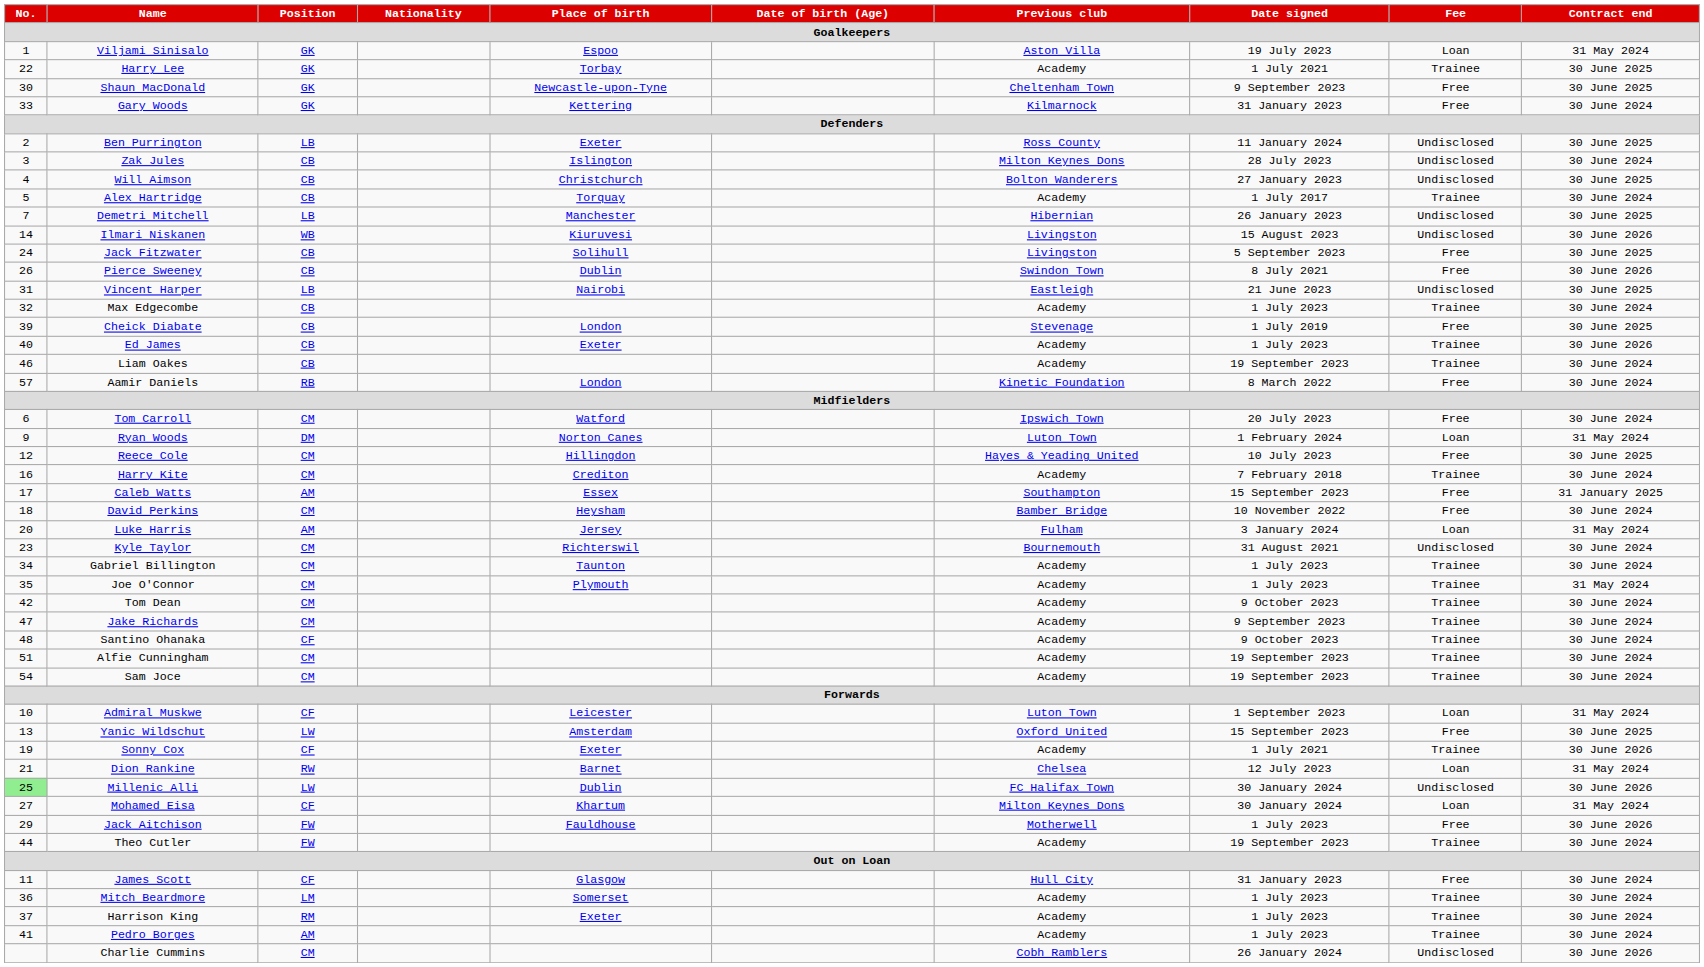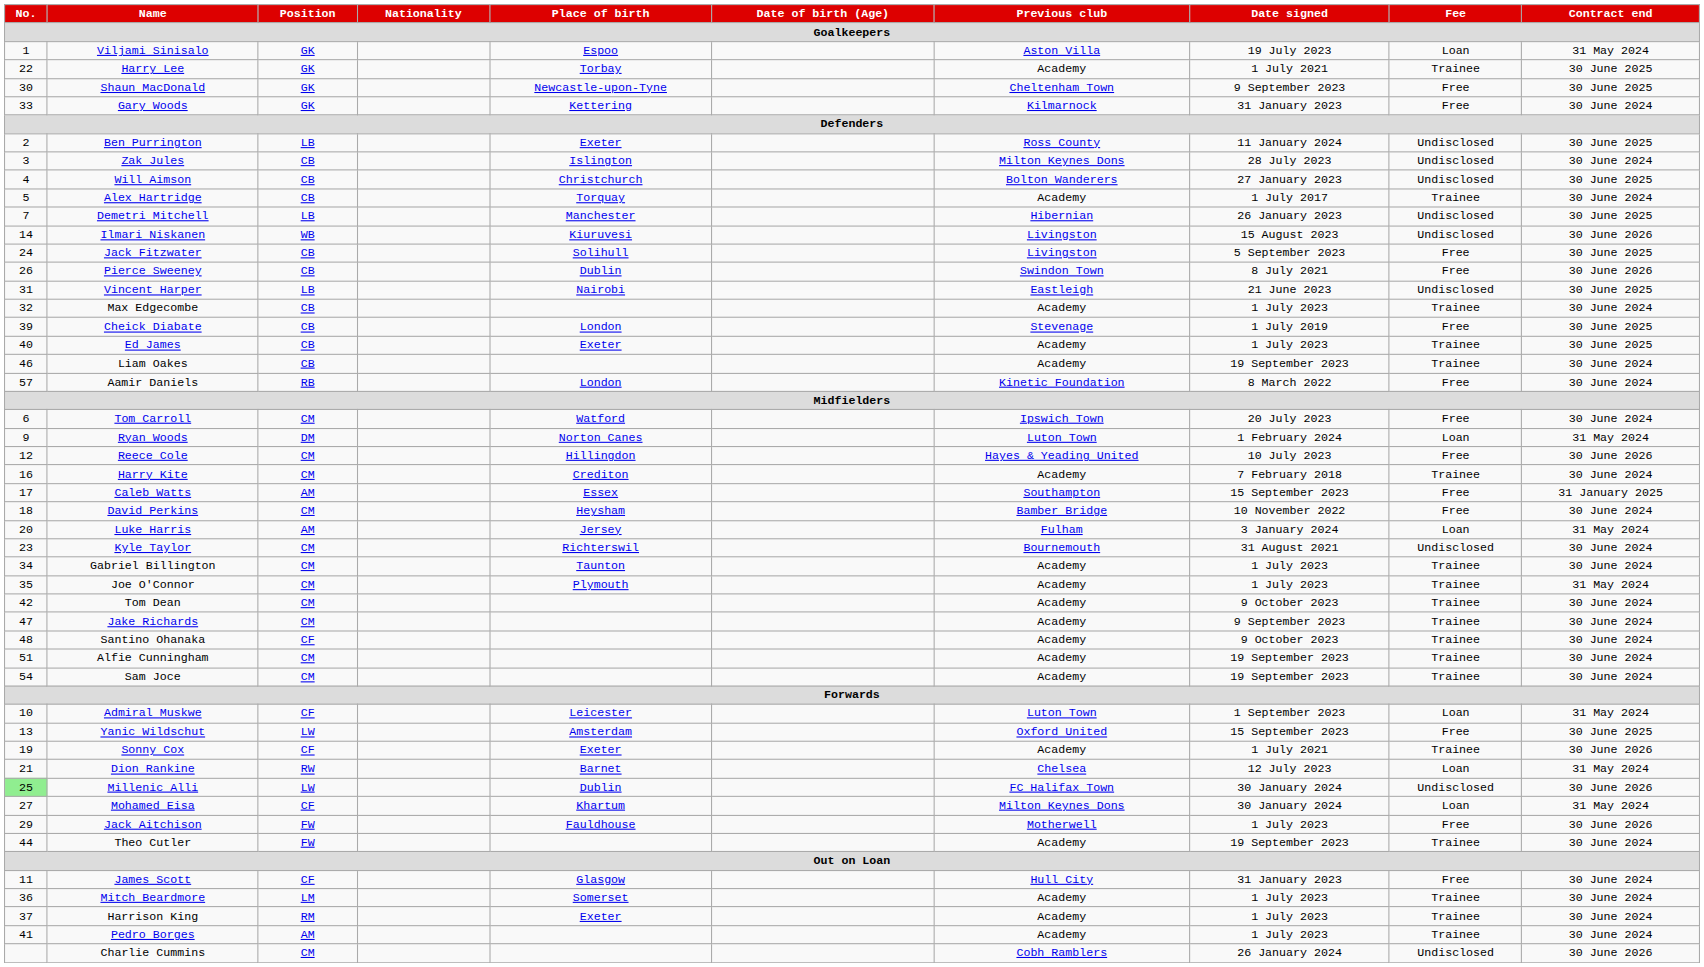 <table class="wikitable" style="text-align:center; font-size:84.5%; width:101%;">
 <tr>
 <th style="color:white; background:#d00; text-align:center;">No.</th>
 <th style="color:white; background:#d00; text-align:center;">Name</th>
 <th style="color:white; background:#d00; text-align:center;">Position</th>
 <th style="color:white; background:#d00; text-align:center;">Nationality</th>
 <th style="color:white; background:#d00; text-align:center;">Place of birth</th>
 <th style="color:white; background:#d00; text-align:center;">Date of birth (Age)</th>
 <th style="color:white; background:#d00; text-align:center;">Previous club</th>
 <th style="color:white; background:#d00; text-align:center;">Date signed</th>
 <th style="color:white; background:#d00; text-align:center;">Fee</th>
 <th style="color:white; background:#d00; text-align:center;">Contract end</th>
 </tr>
 <tr>
 <th colspan="14" style="background:#dcdcdc; tepxt-align:center;">Goalkeepers</th>
 </tr>
 <tr>
 <td>1</td>
 <td><a href='#'>Viljami Sinisalo</a></td>
 <td><a href='#'>GK</a></td>
 <td></td>
 <td><a href='#'>Espoo</a></td>
 <td></td>
 <td><a href='#'>Aston Villa</a></td>
 <td>19 July 2023</td>
 <td>Loan</td>
 <td>31 May 2024</td>
 </tr>
 <tr>
 <td>22</td>
 <td><a href='#'>Harry Lee</a></td>
 <td><a href='#'>GK</a></td>
 <td></td>
 <td><a href='#'>Torbay</a></td>
 <td></td>
 <td>Academy</td>
 <td>1 July 2021</td>
 <td>Trainee</td>
 <td>30 June 2025</td>
 </tr>
 <tr>
 <td>30</td>
 <td><a href='#'>Shaun MacDonald</a></td>
 <td><a href='#'>GK</a></td>
 <td></td>
 <td><a href='#'>Newcastle-upon-Tyne</a></td>
 <td></td>
 <td><a href='#'>Cheltenham Town</a></td>
 <td>9 September 2023</td>
 <td>Free</td>
 <td>30 June 2025</td>
 </tr>
 <tr>
 <td>33</td>
 <td><a href='#'>Gary Woods</a></td>
 <td><a href='#'>GK</a></td>
 <td></td>
 <td><a href='#'>Kettering</a></td>
 <td></td>
 <td> <a href='#'>Kilmarnock</a></td>
 <td>31 January 2023</td>
 <td>Free</td>
 <td>30 June 2024</td>
 </tr>
 <tr>
 <th colspan="14" style="background:#dcdcdc; tepxt-align:center;">Defenders</th>
 </tr>
 <tr>
 <td>2</td>
 <td><a href='#'>Ben Purrington</a></td>
 <td><a href='#'>LB</a></td>
 <td></td>
 <td><a href='#'>Exeter</a></td>
 <td></td>
 <td> <a href='#'>Ross County</a></td>
 <td>11 January 2024</td>
 <td>Undisclosed</td>
 <td>30 June 2025</td>
 </tr>
 <tr>
 <td>3</td>
 <td><a href='#'>Zak Jules</a></td>
 <td><a href='#'>CB</a></td>
 <td></td>
 <td> <a href='#'>Islington</a></td>
 <td></td>
 <td><a href='#'>Milton Keynes Dons</a></td>
 <td>28 July 2023</td>
 <td>Undisclosed</td>
 <td>30 June 2024</td>
 </tr>
 <tr>
 <td>4</td>
 <td><a href='#'>Will Aimson</a></td>
 <td><a href='#'>CB</a></td>
 <td></td>
 <td><a href='#'>Christchurch</a></td>
 <td></td>
 <td><a href='#'>Bolton Wanderers</a></td>
 <td>27 January 2023</td>
 <td>Undisclosed</td>
 <td>30 June 2025</td>
 </tr>
 <tr>
 <td>5</td>
 <td><a href='#'>Alex Hartridge</a></td>
 <td><a href='#'>CB</a></td>
 <td></td>
 <td><a href='#'>Torquay</a></td>
 <td></td>
 <td>Academy</td>
 <td>1 July 2017</td>
 <td>Trainee</td>
 <td>30 June 2024</td>
 </tr>
 <tr>
 <td>7</td>
 <td><a href='#'>Demetri Mitchell</a></td>
 <td><a href='#'>LB</a></td>
 <td></td>
 <td><a href='#'>Manchester</a></td>
 <td></td>
 <td> <a href='#'>Hibernian</a></td>
 <td>26 January 2023</td>
 <td>Undisclosed</td>
 <td>30 June 2025</td>
 </tr>
 <tr>
 <td>14</td>
 <td><a href='#'>Ilmari Niskanen</a></td>
 <td><a href='#'>WB</a></td>
 <td></td>
 <td><a href='#'>Kiuruvesi</a></td>
 <td></td>
 <td> <a href='#'>Livingston</a></td>
 <td>15 August 2023</td>
 <td>Undisclosed</td>
 <td>30 June 2026</td>
 </tr>
 <tr>
 <td>24</td>
 <td><a href='#'>Jack Fitzwater</a></td>
 <td><a href='#'>CB</a></td>
 <td></td>
 <td><a href='#'>Solihull</a></td>
 <td></td>
 <td> <a href='#'>Livingston</a></td>
 <td>5 September 2023</td>
 <td>Free</td>
 <td>30 June 2025</td>
 </tr>
 <tr>
 <td>26</td>
 <td><a href='#'>Pierce Sweeney</a></td>
 <td><a href='#'>CB</a></td>
 <td></td>
 <td><a href='#'>Dublin</a></td>
 <td></td>
 <td><a href='#'>Swindon Town</a></td>
 <td>8 July 2021</td>
 <td>Free</td>
 <td>30 June 2026</td>
 </tr>
 <tr>
 <td>31</td>
 <td><a href='#'>Vincent Harper</a></td>
 <td><a href='#'>LB</a></td>
 <td></td>
 <td><a href='#'>Nairobi</a></td>
 <td></td>
 <td><a href='#'>Eastleigh</a></td>
 <td>21 June 2023</td>
 <td>Undisclosed</td>
 <td>30 June 2025</td>
 </tr>
 <tr>
 <td>32</td>
 <td>Max Edgecombe</td>
 <td><a href='#'>CB</a></td>
 <td></td>
 <td></td>
 <td></td>
 <td>Academy</td>
 <td>1 July 2023</td>
 <td>Trainee</td>
 <td>30 June 2024</td>
 </tr>
 <tr>
 <td>39</td>
 <td><a href='#'>Cheick Diabate</a></td>
 <td><a href='#'>CB</a></td>
 <td></td>
 <td><a href='#'>London</a></td>
 <td></td>
 <td><a href='#'>Stevenage</a></td>
 <td>1 July 2019</td>
 <td>Free</td>
 <td>30 June 2025</td>
 </tr>
 <tr>
 <td>40</td>
 <td><a href='#'>Ed James</a></td>
 <td><a href='#'>CB</a></td>
 <td></td>
 <td> <a href='#'>Exeter</a></td>
 <td></td>
 <td>Academy</td>
 <td>1 July 2023</td>
 <td>Trainee</td>
-<td>30 June 2026</td>
+<td>30 June 2025</td>
 </tr>
 <tr>
 <td>46</td>
 <td>Liam Oakes</td>
 <td><a href='#'>CB</a></td>
 <td></td>
 <td></td>
 <td></td>
 <td>Academy</td>
 <td>19 September 2023</td>
 <td>Trainee</td>
 <td>30 June 2024</td>
 </tr>
 <tr>
 <td>57</td>
 <td>Aamir Daniels</td>
 <td><a href='#'>RB</a></td>
 <td></td>
 <td> <a href='#'>London</a></td>
 <td></td>
 <td><a href='#'>Kinetic Foundation</a></td>
 <td>8 March 2022</td>
 <td>Free</td>
 <td>30 June 2024</td>
 </tr>
 <tr>
 <th colspan="14" style="background:#dcdcdc; tepxt-align:center;">Midfielders</th>
 </tr>
 <tr>
 <td>6</td>
 <td><a href='#'>Tom Carroll</a></td>
 <td><a href='#'>CM</a></td>
 <td></td>
 <td><a href='#'>Watford</a></td>
 <td></td>
 <td><a href='#'>Ipswich Town</a></td>
 <td>20 July 2023</td>
 <td>Free</td>
 <td>30 June 2024</td>
 </tr>
 <tr>
 <td>9</td>
 <td><a href='#'>Ryan Woods</a></td>
 <td><a href='#'>DM</a></td>
 <td></td>
 <td><a href='#'>Norton Canes</a></td>
 <td></td>
 <td><a href='#'>Luton Town</a></td>
 <td>1 February 2024</td>
 <td>Loan</td>
 <td>31 May 2024</td>
 </tr>
 <tr>
 <td>12</td>
 <td><a href='#'>Reece Cole</a></td>
 <td><a href='#'>CM</a></td>
 <td></td>
 <td><a href='#'>Hillingdon</a></td>
 <td></td>
 <td><a href='#'>Hayes & Yeading United</a></td>
 <td>10 July 2023</td>
 <td>Free</td>
-<td>30 June 2025</td>
+<td>30 June 2026</td>
 </tr>
 <tr>
 <td>16</td>
 <td><a href='#'>Harry Kite</a></td>
 <td><a href='#'>CM</a></td>
 <td></td>
 <td><a href='#'>Crediton</a></td>
 <td></td>
 <td>Academy</td>
 <td>7 February 2018</td>
 <td>Trainee</td>
 <td>30 June 2024</td>
 </tr>
 <tr>
 <td>17</td>
 <td><a href='#'>Caleb Watts</a></td>
 <td><a href='#'>AM</a></td>
 <td></td>
 <td> <a href='#'>Essex</a></td>
 <td></td>
 <td><a href='#'>Southampton</a></td>
 <td>15 September 2023</td>
 <td>Free</td>
 <td>31 January 2025</td>
 </tr>
 <tr>
 <td>18</td>
 <td><a href='#'>David Perkins</a></td>
 <td><a href='#'>CM</a></td>
 <td></td>
 <td><a href='#'>Heysham</a></td>
 <td></td>
 <td><a href='#'>Bamber Bridge</a></td>
 <td>10 November 2022</td>
 <td>Free</td>
 <td>30 June 2024</td>
 </tr>
 <tr>
 <td>20</td>
 <td><a href='#'>Luke Harris</a></td>
 <td><a href='#'>AM</a></td>
 <td></td>
 <td> <a href='#'>Jersey</a></td>
 <td></td>
 <td><a href='#'>Fulham</a></td>
 <td>3 January 2024</td>
 <td>Loan</td>
 <td>31 May 2024</td>
 </tr>
 <tr>
 <td>23</td>
 <td><a href='#'>Kyle Taylor</a></td>
 <td><a href='#'>CM</a></td>
 <td></td>
 <td><a href='#'>Richterswil</a></td>
 <td></td>
 <td><a href='#'>Bournemouth</a></td>
 <td>31 August 2021</td>
 <td>Undisclosed</td>
 <td>30 June 2024</td>
 </tr>
 <tr>
 <td>34</td>
 <td>Gabriel Billington</td>
 <td><a href='#'>CM</a></td>
 <td></td>
 <td><a href='#'>Taunton</a></td>
 <td></td>
 <td>Academy</td>
 <td>1 July 2023</td>
 <td>Trainee</td>
 <td>30 June 2024</td>
 </tr>
 <tr>
 <td>35</td>
 <td>Joe O'Connor</td>
 <td><a href='#'>CM</a></td>
 <td></td>
 <td><a href='#'>Plymouth</a></td>
 <td></td>
 <td>Academy</td>
 <td>1 July 2023</td>
 <td>Trainee</td>
 <td>31 May 2024</td>
 </tr>
 <tr>
 <td>42</td>
 <td>Tom Dean</td>
 <td><a href='#'>CM</a></td>
 <td></td>
 <td></td>
 <td></td>
 <td>Academy</td>
 <td>9 October 2023</td>
 <td>Trainee</td>
 <td>30 June 2024</td>
 </tr>
 <tr>
 <td>47</td>
 <td><a href='#'>Jake Richards</a></td>
 <td><a href='#'>CM</a></td>
 <td></td>
 <td></td>
 <td></td>
 <td>Academy</td>
 <td>9 September 2023</td>
 <td>Trainee</td>
 <td>30 June 2024</td>
 </tr>
 <tr>
 <td>48</td>
 <td>Santino Ohanaka</td>
 <td><a href='#'>CF</a></td>
 <td></td>
 <td></td>
 <td></td>
 <td>Academy</td>
 <td>9 October 2023</td>
 <td>Trainee</td>
 <td>30 June 2024</td>
 </tr>
 <tr>
 <td>51</td>
 <td>Alfie Cunningham</td>
 <td><a href='#'>CM</a></td>
 <td></td>
 <td></td>
 <td></td>
 <td>Academy</td>
 <td>19 September 2023</td>
 <td>Trainee</td>
 <td>30 June 2024</td>
 </tr>
 <tr>
 <td>54</td>
 <td>Sam Joce</td>
 <td><a href='#'>CM</a></td>
 <td></td>
 <td></td>
 <td></td>
 <td>Academy</td>
 <td>19 September 2023</td>
 <td>Trainee</td>
 <td>30 June 2024</td>
 </tr>
 <tr>
 <th colspan="14" style="background:#dcdcdc; tepxt-align:center;">Forwards</th>
 </tr>
 <tr>
 <td>10</td>
 <td><a href='#'>Admiral Muskwe</a></td>
 <td><a href='#'>CF</a></td>
 <td></td>
 <td> <a href='#'>Leicester</a></td>
 <td></td>
 <td><a href='#'>Luton Town</a></td>
 <td>1 September 2023</td>
 <td>Loan</td>
 <td>31 May 2024</td>
 </tr>
 <tr>
 <td>13</td>
 <td><a href='#'>Yanic Wildschut</a></td>
 <td><a href='#'>LW</a></td>
 <td></td>
 <td> <a href='#'>Amsterdam</a></td>
 <td></td>
 <td><a href='#'>Oxford United</a></td>
 <td>15 September 2023</td>
 <td>Free</td>
 <td>30 June 2025</td>
 </tr>
 <tr>
 <td>19</td>
 <td><a href='#'>Sonny Cox</a></td>
 <td><a href='#'>CF</a></td>
 <td></td>
 <td><a href='#'>Exeter</a></td>
 <td></td>
 <td>Academy</td>
 <td>1 July 2021</td>
 <td>Trainee</td>
 <td>30 June 2026</td>
 </tr>
 <tr>
 <td>21</td>
 <td><a href='#'>Dion Rankine</a></td>
 <td><a href='#'>RW</a></td>
 <td></td>
 <td><a href='#'>Barnet</a></td>
 <td></td>
 <td><a href='#'>Chelsea</a></td>
 <td>12 July 2023</td>
 <td>Loan</td>
 <td>31 May 2024</td>
 </tr>
 <tr>
 <td style="background: lightgreen;">25</td>
 <td><a href='#'>Millenic Alli</a></td>
 <td><a href='#'>LW</a></td>
 <td></td>
 <td><a href='#'>Dublin</a></td>
 <td></td>
 <td><a href='#'>FC Halifax Town</a></td>
 <td>30 January 2024</td>
 <td>Undisclosed</td>
 <td>30 June 2026</td>
 </tr>
 <tr>
 <td>27</td>
 <td><a href='#'>Mohamed Eisa</a></td>
 <td><a href='#'>CF</a></td>
 <td></td>
 <td><a href='#'>Khartum</a></td>
 <td></td>
 <td><a href='#'>Milton Keynes Dons</a></td>
 <td>30 January 2024</td>
 <td>Loan</td>
 <td>31 May 2024</td>
 </tr>
 <tr>
 <td>29</td>
 <td><a href='#'>Jack Aitchison</a></td>
 <td><a href='#'>FW</a></td>
 <td></td>
 <td><a href='#'>Fauldhouse</a></td>
 <td></td>
 <td> <a href='#'>Motherwell</a></td>
 <td>1 July 2023</td>
 <td>Free</td>
 <td>30 June 2026</td>
 </tr>
 <tr>
 <td>44</td>
 <td>Theo Cutler</td>
 <td><a href='#'>FW</a></td>
 <td></td>
 <td></td>
 <td></td>
 <td>Academy</td>
 <td>19 September 2023</td>
 <td>Trainee</td>
 <td>30 June 2024</td>
 </tr>
 <tr>
 <th colspan="14" style="background:#dcdcdc; tepxt-align:center;">Out on Loan</th>
 </tr>
 <tr>
 <td>11</td>
 <td><a href='#'>James Scott</a></td>
 <td><a href='#'>CF</a></td>
 <td></td>
 <td><a href='#'>Glasgow</a></td>
 <td></td>
 <td><a href='#'>Hull City</a></td>
 <td>31 January 2023</td>
 <td>Free</td>
 <td>30 June 2024</td>
 </tr>
 <tr>
 <td>36</td>
 <td><a href='#'>Mitch Beardmore</a></td>
 <td><a href='#'>LM</a></td>
 <td></td>
 <td><a href='#'>Somerset</a></td>
 <td></td>
 <td>Academy</td>
 <td>1 July 2023</td>
 <td>Trainee</td>
 <td>30 June 2024</td>
 </tr>
 <tr>
 <td>37</td>
 <td>Harrison King</td>
 <td><a href='#'>RM</a></td>
 <td></td>
 <td><a href='#'>Exeter</a></td>
 <td></td>
 <td>Academy</td>
 <td>1 July 2023</td>
 <td>Trainee</td>
 <td>30 June 2024</td>
 </tr>
 <tr>
 <td>41</td>
 <td><a href='#'>Pedro Borges</a></td>
 <td><a href='#'>AM</a></td>
 <td></td>
 <td></td>
 <td></td>
 <td>Academy</td>
 <td>1 July 2023</td>
 <td>Trainee</td>
 <td>30 June 2024</td>
 </tr>
 <tr>
 <td></td>
 <td>Charlie Cummins</td>
 <td><a href='#'>CM</a></td>
 <td></td>
 <td></td>
 <td></td>
 <td> <a href='#'>Cobh Ramblers</a></td>
 <td>26 January 2024</td>
 <td>Undisclosed</td>
 <td>30 June 2026</td>
 </tr>
 </table>
